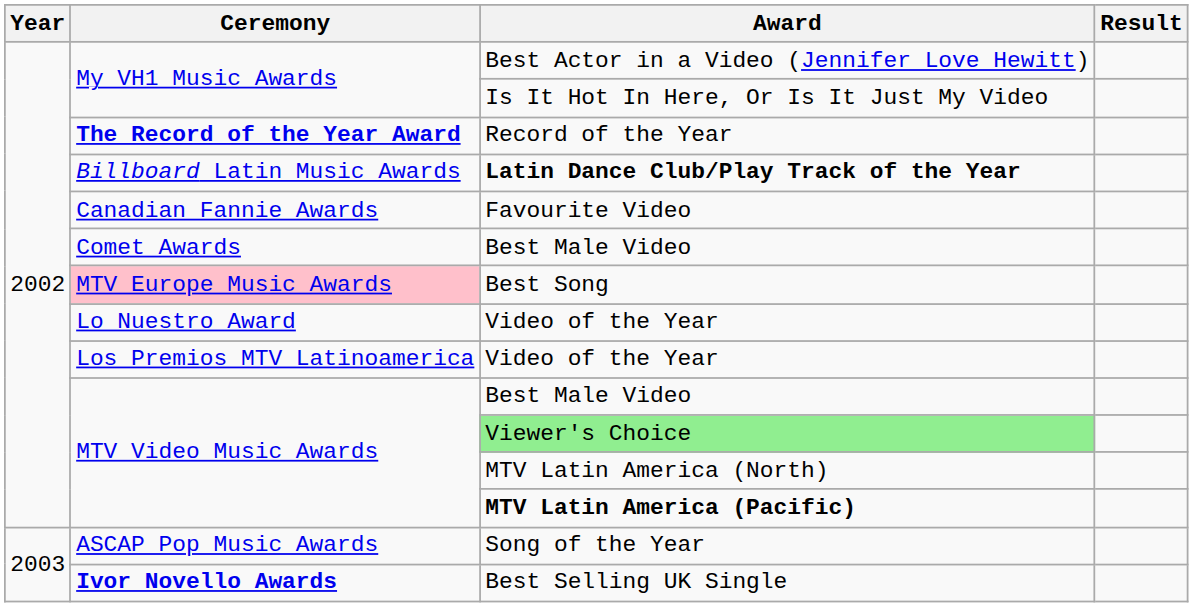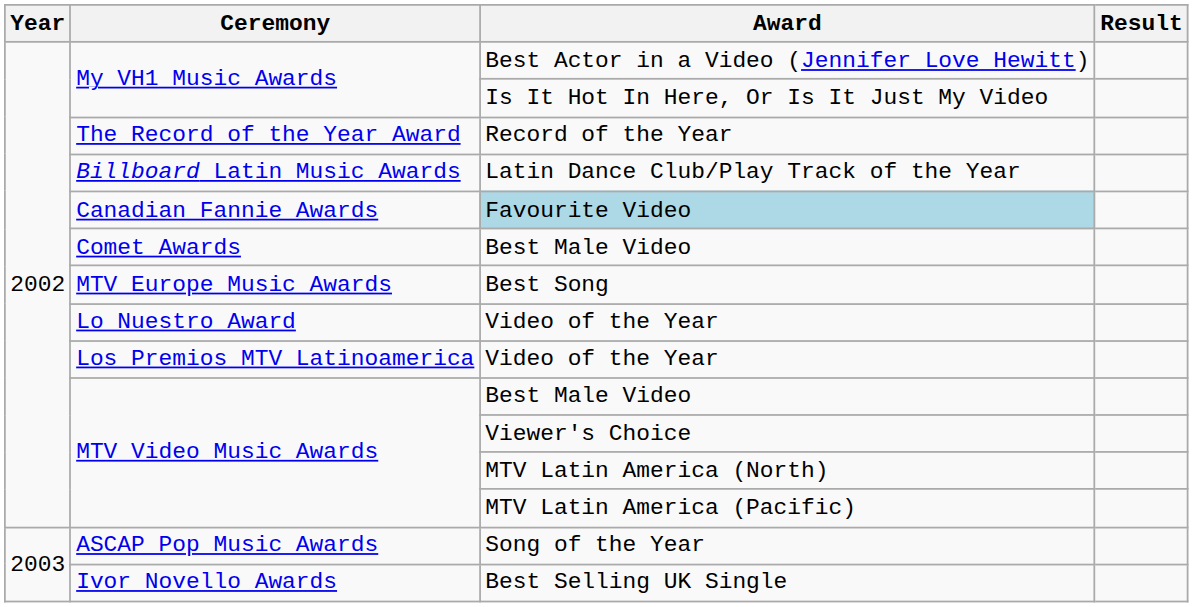 <table class="wikitable plainrowheaders">
 <tr>
 <th>Year</th>
 <th>Ceremony</th>
 <th>Award</th>
 <th>Result</th>
 </tr>
 <tr>
 <td rowspan=13>2002</td>
 <td rowspan=2><a href='#'>My VH1 Music Awards</a></td>
 <td>Best Actor in a Video (<a href='#'>Jennifer Love Hewitt</a>)</td>
 <td></td>
 </tr>
 <tr>
 <td>Is It Hot In Here, Or Is It Just My Video</td>
 <td></td>
 </tr>
 <tr>
-<td><strong><a href='#'>The Record of the Year Award</a></strong></td>
+<td><a href='#'>The Record of the Year Award</a></td>
 <td>Record of the Year</td>
 <td></td>
 </tr>
 <tr>
 <td><a href='#'><em>Billboard</em> Latin Music Awards</a></td>
-<td><strong>Latin Dance Club/Play Track of the Year</strong></td>
+<td>Latin Dance Club/Play Track of the Year</td>
 <td></td>
 </tr>
 <tr>
 <td><a href='#'>Canadian Fannie Awards</a></td>
-<td>Favourite Video</td>
+<td style="background: lightblue;">Favourite Video</td>
 <td></td>
 </tr>
 <tr>
 <td><a href='#'>Comet Awards</a></td>
 <td>Best Male Video</td>
 <td></td>
 </tr>
 <tr>
-<td style="background: pink;"><a href='#'>MTV Europe Music Awards</a></td>
+<td><a href='#'>MTV Europe Music Awards</a></td>
 <td>Best Song</td>
 <td></td>
 </tr>
 <tr>
 <td><a href='#'>Lo Nuestro Award</a></td>
 <td>Video of the Year</td>
 <td></td>
 </tr>
 <tr>
 <td><a href='#'>Los Premios MTV Latinoamerica</a></td>
 <td>Video of the Year</td>
 <td></td>
 </tr>
 <tr>
 <td rowspan=4><a href='#'>MTV Video Music Awards</a></td>
 <td>Best Male Video</td>
 <td></td>
 </tr>
 <tr>
-<td style="background: lightgreen;">Viewer's Choice</td>
+<td>Viewer's Choice</td>
 <td></td>
 </tr>
 <tr>
 <td>MTV Latin America (North)</td>
 <td></td>
 </tr>
 <tr>
-<td><strong>MTV Latin America (Pacific)</strong></td>
+<td>MTV Latin America (Pacific)</td>
 <td></td>
 </tr>
 <tr>
 <td rowspan="2">2003</td>
 <td><a href='#'>ASCAP Pop Music Awards</a></td>
 <td>Song of the Year</td>
 <td></td>
 </tr>
 <tr>
-<td><strong><a href='#'>Ivor Novello Awards</a></strong></td>
+<td><a href='#'>Ivor Novello Awards</a></td>
 <td>Best Selling UK Single</td>
 <td></td>
 </tr>
 </table>
